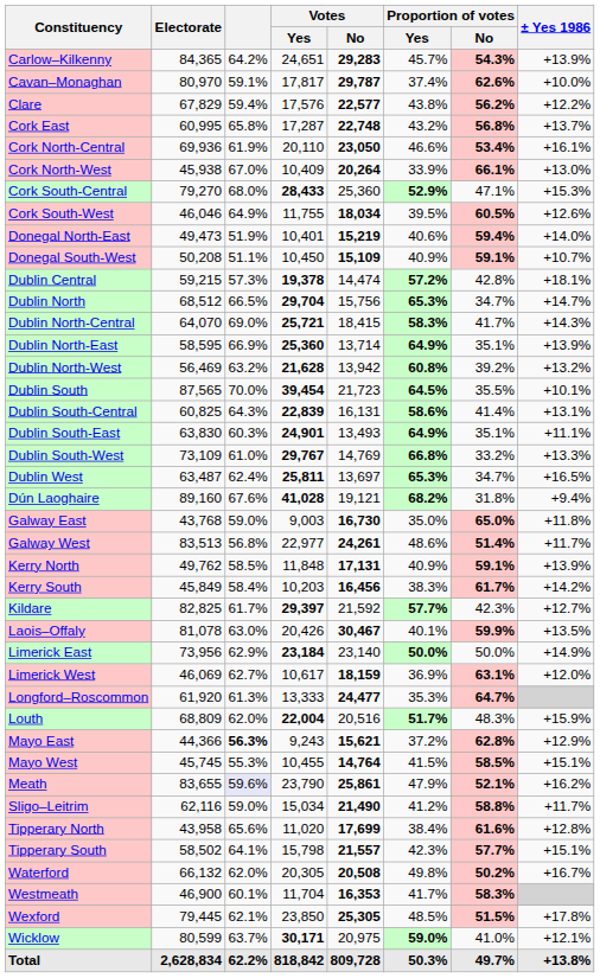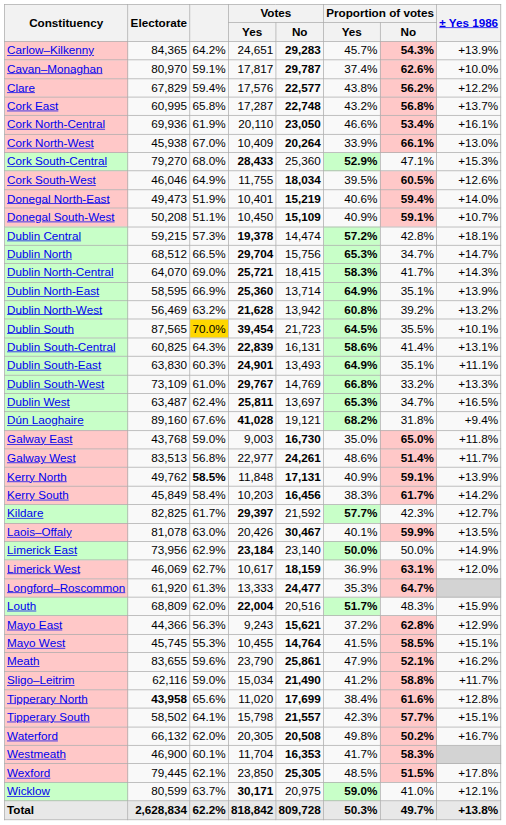 <table class="wikitable sortable">
 <tr>
 <th rowspan=2>Constituency</th>
 <th rowspan=2>Electorate</th>
 <th rowspan=2></th>
 <th colspan=2>Votes</th>
 <th colspan=2>Proportion of votes</th>
 <th rowspan=2><a href='#'>± Yes 1986</a></th>
 </tr>
 <tr>
 <th>Yes</th>
 <th>No</th>
 <th>Yes</th>
 <th>No</th>
 </tr>
 <tr>
 <td style="background:#ffc8c8;"><a href='#'>Carlow–Kilkenny</a></td>
 <td style="text-align: right;">84,365</td>
 <td style="text-align: right;">64.2%</td>
 <td style="text-align: right;">24,651</td>
 <td style="text-align: right;"><strong>29,283</strong></td>
 <td style="text-align: right;">45.7%</td>
 <td style="text-align: right; background:#ffc8c8; color:#000;"><strong>54.3%</strong></td>
 <td style="text-align: right;">+13.9%</td>
 </tr>
 <tr>
 <td style="background:#ffc8c8;"><a href='#'>Cavan–Monaghan</a></td>
 <td style="text-align: right;">80,970</td>
 <td style="text-align: right;">59.1%</td>
 <td style="text-align: right;">17,817</td>
 <td style="text-align: right;"><strong>29,787</strong></td>
 <td style="text-align: right;">37.4%</td>
 <td style="text-align: right; background:#ffc8c8; color:#000;"><strong>62.6%</strong></td>
 <td style="text-align: right;">+10.0%</td>
 </tr>
 <tr>
 <td style="background:#ffc8c8;"><a href='#'>Clare</a></td>
 <td style="text-align: right;">67,829</td>
 <td style="text-align: right;">59.4%</td>
 <td style="text-align: right;">17,576</td>
 <td style="text-align: right;"><strong>22,577</strong></td>
 <td style="text-align: right;">43.8%</td>
 <td style="text-align: right; background:#ffc8c8; color:#000;"><strong>56.2%</strong></td>
 <td style="text-align: right;">+12.2%</td>
 </tr>
 <tr>
 <td style="background:#ffc8c8;"><a href='#'>Cork East</a></td>
 <td style="text-align: right;">60,995</td>
 <td style="text-align: right;">65.8%</td>
 <td style="text-align: right;">17,287</td>
 <td style="text-align: right;"><strong>22,748</strong></td>
 <td style="text-align: right;">43.2%</td>
 <td style="text-align: right; background:#ffc8c8; color:#000;"><strong>56.8%</strong></td>
 <td style="text-align: right;">+13.7%</td>
 </tr>
 <tr>
 <td style="background:#ffc8c8;"><a href='#'>Cork North-Central</a></td>
 <td style="text-align: right;">69,936</td>
 <td style="text-align: right;">61.9%</td>
 <td style="text-align: right;">20,110</td>
 <td style="text-align: right;"><strong>23,050</strong></td>
 <td style="text-align: right;">46.6%</td>
 <td style="text-align: right; background:#ffc8c8; color:#000;"><strong>53.4%</strong></td>
 <td style="text-align: right;">+16.1%</td>
 </tr>
 <tr>
 <td style="background:#ffc8c8;"><a href='#'>Cork North-West</a></td>
 <td style="text-align: right;">45,938</td>
 <td style="text-align: right;">67.0%</td>
 <td style="text-align: right;">10,409</td>
 <td style="text-align: right;"><strong>20,264</strong></td>
 <td style="text-align: right;">33.9%</td>
 <td style="text-align: right; background:#ffc8c8; color:#000;"><strong>66.1%</strong></td>
 <td style="text-align: right;">+13.0%</td>
 </tr>
 <tr>
 <td style="background:#c8ffc8;"><a href='#'>Cork South-Central</a></td>
 <td style="text-align: right;">79,270</td>
 <td style="text-align: right;">68.0%</td>
 <td style="text-align: right;"><strong>28,433</strong></td>
 <td style="text-align: right;">25,360</td>
 <td style="text-align: right; background:#c8ffc8; color:#000;"><strong>52.9%</strong></td>
 <td style="text-align: right;">47.1%</td>
 <td style="text-align: right;">+15.3%</td>
 </tr>
 <tr>
 <td style="background:#ffc8c8;"><a href='#'>Cork South-West</a></td>
 <td style="text-align: right;">46,046</td>
 <td style="text-align: right;">64.9%</td>
 <td style="text-align: right;">11,755</td>
 <td style="text-align: right;"><strong>18,034</strong></td>
 <td style="text-align: right;">39.5%</td>
 <td style="text-align: right; background:#ffc8c8; color:#000;"><strong>60.5%</strong></td>
 <td style="text-align: right;">+12.6%</td>
 </tr>
 <tr>
 <td style="background:#ffc8c8;"><a href='#'>Donegal North-East</a></td>
 <td style="text-align: right;">49,473</td>
 <td style="text-align: right;">51.9%</td>
 <td style="text-align: right;">10,401</td>
 <td style="text-align: right;"><strong>15,219</strong></td>
 <td style="text-align: right;">40.6%</td>
 <td style="text-align: right; background:#ffc8c8; color:#000;"><strong>59.4%</strong></td>
 <td style="text-align: right;">+14.0%</td>
 </tr>
 <tr>
 <td style="background:#ffc8c8;"><a href='#'>Donegal South-West</a></td>
 <td style="text-align: right;">50,208</td>
 <td style="text-align: right;">51.1%</td>
 <td style="text-align: right;">10,450</td>
 <td style="text-align: right;"><strong>15,109</strong></td>
 <td style="text-align: right;">40.9%</td>
 <td style="text-align: right; background:#ffc8c8; color:#000;"><strong>59.1%</strong></td>
 <td style="text-align: right;">+10.7%</td>
 </tr>
 <tr>
 <td style="background:#c8ffc8;"><a href='#'>Dublin Central</a></td>
 <td style="text-align: right;">59,215</td>
 <td style="text-align: right;">57.3%</td>
 <td style="text-align: right;"><strong>19,378</strong></td>
 <td style="text-align: right;">14,474</td>
 <td style="text-align: right; background:#c8ffc8; color:#000;"><strong>57.2%</strong></td>
 <td style="text-align: right;">42.8%</td>
 <td style="text-align: right;">+18.1%</td>
 </tr>
 <tr>
 <td style="background:#c8ffc8;"><a href='#'>Dublin North</a></td>
 <td style="text-align: right;">68,512</td>
 <td style="text-align: right;">66.5%</td>
 <td style="text-align: right;"><strong>29,704</strong></td>
 <td style="text-align: right;">15,756</td>
 <td style="text-align: right; background:#c8ffc8; color:#000;"><strong>65.3%</strong></td>
 <td style="text-align: right;">34.7%</td>
 <td style="text-align: right;">+14.7%</td>
 </tr>
 <tr>
 <td style="background:#c8ffc8;"><a href='#'>Dublin North-Central</a></td>
 <td style="text-align: right;">64,070</td>
 <td style="text-align: right;">69.0%</td>
 <td style="text-align: right;"><strong>25,721</strong></td>
 <td style="text-align: right;">18,415</td>
 <td style="text-align: right; background:#c8ffc8; color:#000;"><strong>58.3%</strong></td>
 <td style="text-align: right;">41.7%</td>
 <td style="text-align: right;">+14.3%</td>
 </tr>
 <tr>
 <td style="background:#c8ffc8;"><a href='#'>Dublin North-East</a></td>
 <td style="text-align: right;">58,595</td>
 <td style="text-align: right;">66.9%</td>
 <td style="text-align: right;"><strong>25,360</strong></td>
 <td style="text-align: right;">13,714</td>
 <td style="text-align: right; background:#c8ffc8; color:#000;"><strong>64.9%</strong></td>
 <td style="text-align: right;">35.1%</td>
 <td style="text-align: right;">+13.9%</td>
 </tr>
 <tr>
 <td style="background:#c8ffc8;"><a href='#'>Dublin North-West</a></td>
 <td style="text-align: right;">56,469</td>
 <td style="text-align: right;">63.2%</td>
 <td style="text-align: right;"><strong>21,628</strong></td>
 <td style="text-align: right;">13,942</td>
 <td style="text-align: right; background:#c8ffc8; color:#000;"><strong>60.8%</strong></td>
 <td style="text-align: right;">39.2%</td>
 <td style="text-align: right;">+13.2%</td>
 </tr>
 <tr>
 <td style="background:#c8ffc8;"><a href='#'>Dublin South</a></td>
 <td style="text-align: right;">87,565</td>
-<td style="text-align: right;">70.0%</td>
+<td style="background: gold; text-align: right;">70.0%</td>
 <td style="text-align: right;"><strong>39,454</strong></td>
 <td style="text-align: right;">21,723</td>
 <td style="text-align: right; background:#c8ffc8; color:#000;"><strong>64.5%</strong></td>
 <td style="text-align: right;">35.5%</td>
 <td style="text-align: right;">+10.1%</td>
 </tr>
 <tr>
 <td style="background:#c8ffc8;"><a href='#'>Dublin South-Central</a></td>
 <td style="text-align: right;">60,825</td>
 <td style="text-align: right;">64.3%</td>
 <td style="text-align: right;"><strong>22,839</strong></td>
 <td style="text-align: right;">16,131</td>
 <td style="text-align: right; background:#c8ffc8; color:#000;"><strong>58.6%</strong></td>
 <td style="text-align: right;">41.4%</td>
 <td style="text-align: right;">+13.1%</td>
 </tr>
 <tr>
 <td style="background:#c8ffc8;"><a href='#'>Dublin South-East</a></td>
 <td style="text-align: right;">63,830</td>
 <td style="text-align: right;">60.3%</td>
 <td style="text-align: right;"><strong>24,901</strong></td>
 <td style="text-align: right;">13,493</td>
 <td style="text-align: right; background:#c8ffc8; color:#000;"><strong>64.9%</strong></td>
 <td style="text-align: right;">35.1%</td>
 <td style="text-align: right;">+11.1%</td>
 </tr>
 <tr>
 <td style="background:#c8ffc8;"><a href='#'>Dublin South-West</a></td>
 <td style="text-align: right;">73,109</td>
 <td style="text-align: right;">61.0%</td>
 <td style="text-align: right;"><strong>29,767</strong></td>
 <td style="text-align: right;">14,769</td>
 <td style="text-align: right; background:#c8ffc8; color:#000;"><strong>66.8%</strong></td>
 <td style="text-align: right;">33.2%</td>
 <td style="text-align: right;">+13.3%</td>
 </tr>
 <tr>
 <td style="background:#c8ffc8;"><a href='#'>Dublin West</a></td>
 <td style="text-align: right;">63,487</td>
 <td style="text-align: right;">62.4%</td>
 <td style="text-align: right;"><strong>25,811</strong></td>
 <td style="text-align: right;">13,697</td>
 <td style="text-align: right; background:#c8ffc8; color:#000;"><strong>65.3%</strong></td>
 <td style="text-align: right;">34.7%</td>
 <td style="text-align: right;">+16.5%</td>
 </tr>
 <tr>
 <td style="background:#c8ffc8;"><a href='#'>Dún Laoghaire</a></td>
 <td style="text-align: right;">89,160</td>
 <td style="text-align: right;">67.6%</td>
 <td style="text-align: right;"><strong>41,028</strong></td>
 <td style="text-align: right;">19,121</td>
 <td style="text-align: right; background:#c8ffc8; color:#000;"><strong>68.2%</strong></td>
 <td style="text-align: right;">31.8%</td>
 <td style="text-align: right;">+9.4%</td>
 </tr>
 <tr>
 <td style="background:#ffc8c8;"><a href='#'>Galway East</a></td>
 <td style="text-align: right;">43,768</td>
 <td style="text-align: right;">59.0%</td>
 <td style="text-align: right;">9,003</td>
 <td style="text-align: right;"><strong>16,730</strong></td>
 <td style="text-align: right;">35.0%</td>
 <td style="text-align: right; background:#ffc8c8; color:#000;"><strong>65.0%</strong></td>
 <td style="text-align: right;">+11.8%</td>
 </tr>
 <tr>
 <td style="background:#ffc8c8;"><a href='#'>Galway West</a></td>
 <td style="text-align: right;">83,513</td>
 <td style="text-align: right;">56.8%</td>
 <td style="text-align: right;">22,977</td>
 <td style="text-align: right;"><strong>24,261</strong></td>
 <td style="text-align: right;">48.6%</td>
 <td style="text-align: right; background:#ffc8c8; color:#000;"><strong>51.4%</strong></td>
 <td style="text-align: right;">+11.7%</td>
 </tr>
 <tr>
 <td style="background:#ffc8c8;"><a href='#'>Kerry North</a></td>
 <td style="text-align: right;">49,762</td>
-<td style="text-align: right;">58.5%</td>
+<td style="text-align: right;"><strong>58.5%</strong></td>
 <td style="text-align: right;">11,848</td>
 <td style="text-align: right;"><strong>17,131</strong></td>
 <td style="text-align: right;">40.9%</td>
 <td style="text-align: right; background:#ffc8c8; color:#000;"><strong>59.1%</strong></td>
 <td style="text-align: right;">+13.9%</td>
 </tr>
 <tr>
 <td style="background:#ffc8c8;"><a href='#'>Kerry South</a></td>
 <td style="text-align: right;">45,849</td>
 <td style="text-align: right;">58.4%</td>
 <td style="text-align: right;">10,203</td>
 <td style="text-align: right;"><strong>16,456</strong></td>
 <td style="text-align: right;">38.3%</td>
 <td style="text-align: right; background:#ffc8c8; color:#000;"><strong>61.7%</strong></td>
 <td style="text-align: right;">+14.2%</td>
 </tr>
 <tr>
 <td style="background:#c8ffc8;"><a href='#'>Kildare</a></td>
 <td style="text-align: right;">82,825</td>
 <td style="text-align: right;">61.7%</td>
 <td style="text-align: right;"><strong>29,397</strong></td>
 <td style="text-align: right;">21,592</td>
 <td style="text-align: right; background:#c8ffc8; color:#000;"><strong>57.7%</strong></td>
 <td style="text-align: right;">42.3%</td>
 <td style="text-align: right;">+12.7%</td>
 </tr>
 <tr>
 <td style="background:#ffc8c8;"><a href='#'>Laois–Offaly</a></td>
 <td style="text-align: right;">81,078</td>
 <td style="text-align: right;">63.0%</td>
 <td style="text-align: right;">20,426</td>
 <td style="text-align: right;"><strong>30,467</strong></td>
 <td style="text-align: right;">40.1%</td>
 <td style="text-align: right; background:#ffc8c8; color:#000;"><strong>59.9%</strong></td>
 <td style="text-align: right;">+13.5%</td>
 </tr>
 <tr>
 <td style="background:#c8ffc8;"><a href='#'>Limerick East</a></td>
 <td style="text-align: right;">73,956</td>
 <td style="text-align: right;">62.9%</td>
 <td style="text-align: right;"><strong>23,184</strong></td>
 <td style="text-align: right;">23,140</td>
 <td style="text-align: right; background:#c8ffc8; color:#000;"><strong>50.0%</strong></td>
 <td style="text-align: right;">50.0%</td>
 <td style="text-align: right;">+14.9%</td>
 </tr>
 <tr>
 <td style="background:#ffc8c8;"><a href='#'>Limerick West</a></td>
 <td style="text-align: right;">46,069</td>
 <td style="text-align: right;">62.7%</td>
 <td style="text-align: right;">10,617</td>
 <td style="text-align: right;"><strong>18,159</strong></td>
 <td style="text-align: right;">36.9%</td>
 <td style="text-align: right; background:#ffc8c8; color:#000;"><strong>63.1%</strong></td>
 <td style="text-align: right;">+12.0%</td>
 </tr>
 <tr>
 <td style="background:#ffc8c8;"><a href='#'>Longford–Roscommon</a></td>
 <td style="text-align: right;">61,920</td>
 <td style="text-align: right;">61.3%</td>
 <td style="text-align: right;">13,333</td>
 <td style="text-align: right;"><strong>24,477</strong></td>
 <td style="text-align: right;">35.3%</td>
 <td style="text-align: right; background:#ffc8c8; color:#000;"><strong>64.7%</strong></td>
 <td style="background:#d3d3d3;"></td>
 </tr>
 <tr>
 <td style="background:#c8ffc8;"><a href='#'>Louth</a></td>
 <td style="text-align: right;">68,809</td>
 <td style="text-align: right;">62.0%</td>
 <td style="text-align: right;"><strong>22,004</strong></td>
 <td style="text-align: right;">20,516</td>
 <td style="text-align: right; background:#c8ffc8; color:#000;"><strong>51.7%</strong></td>
 <td style="text-align: right;">48.3%</td>
 <td style="text-align: right;">+15.9%</td>
 </tr>
 <tr>
 <td style="background:#ffc8c8;"><a href='#'>Mayo East</a></td>
 <td style="text-align: right;">44,366</td>
-<td style="text-align: right;"><strong>56.3%</strong></td>
+<td style="text-align: right;">56.3%</td>
 <td style="text-align: right;">9,243</td>
 <td style="text-align: right;"><strong>15,621</strong></td>
 <td style="text-align: right;">37.2%</td>
 <td style="text-align: right; background:#ffc8c8; color:#000;"><strong>62.8%</strong></td>
 <td style="text-align: right;">+12.9%</td>
 </tr>
 <tr>
 <td style="background:#ffc8c8;"><a href='#'>Mayo West</a></td>
 <td style="text-align: right;">45,745</td>
 <td style="text-align: right;">55.3%</td>
 <td style="text-align: right;">10,455</td>
 <td style="text-align: right;"><strong>14,764</strong></td>
 <td style="text-align: right;">41.5%</td>
 <td style="text-align: right; background:#ffc8c8; color:#000;"><strong>58.5%</strong></td>
 <td style="text-align: right;">+15.1%</td>
 </tr>
 <tr>
 <td style="background:#ffc8c8;"><a href='#'>Meath</a></td>
 <td style="text-align: right;">83,655</td>
-<td style="background: lavender; text-align: right;">59.6%</td>
+<td style="text-align: right;">59.6%</td>
 <td style="text-align: right;">23,790</td>
 <td style="text-align: right;"><strong>25,861</strong></td>
 <td style="text-align: right;">47.9%</td>
 <td style="text-align: right; background:#ffc8c8; color:#000;"><strong>52.1%</strong></td>
 <td style="text-align: right;">+16.2%</td>
 </tr>
 <tr>
 <td style="background:#ffc8c8;"><a href='#'>Sligo–Leitrim</a></td>
 <td style="text-align: right;">62,116</td>
 <td style="text-align: right;">59.0%</td>
 <td style="text-align: right;">15,034</td>
 <td style="text-align: right;"><strong>21,490</strong></td>
 <td style="text-align: right;">41.2%</td>
 <td style="text-align: right; background:#ffc8c8; color:#000;"><strong>58.8%</strong></td>
 <td style="text-align: right;">+11.7%</td>
 </tr>
 <tr>
 <td style="background:#ffc8c8;"><a href='#'>Tipperary North</a></td>
-<td style="text-align: right;">43,958</td>
+<td style="text-align: right;"><strong>43,958</strong></td>
 <td style="text-align: right;">65.6%</td>
 <td style="text-align: right;">11,020</td>
 <td style="text-align: right;"><strong>17,699</strong></td>
 <td style="text-align: right;">38.4%</td>
 <td style="text-align: right; background:#ffc8c8; color:#000;"><strong>61.6%</strong></td>
 <td style="text-align: right;">+12.8%</td>
 </tr>
 <tr>
 <td style="background:#ffc8c8;"><a href='#'>Tipperary South</a></td>
 <td style="text-align: right;">58,502</td>
 <td style="text-align: right;">64.1%</td>
 <td style="text-align: right;">15,798</td>
 <td style="text-align: right;"><strong>21,557</strong></td>
 <td style="text-align: right;">42.3%</td>
 <td style="text-align: right; background:#ffc8c8; color:#000;"><strong>57.7%</strong></td>
 <td style="text-align: right;">+15.1%</td>
 </tr>
 <tr>
 <td style="background:#ffc8c8;"><a href='#'>Waterford</a></td>
 <td style="text-align: right;">66,132</td>
 <td style="text-align: right;">62.0%</td>
 <td style="text-align: right;">20,305</td>
 <td style="text-align: right;"><strong>20,508</strong></td>
 <td style="text-align: right;">49.8%</td>
 <td style="text-align: right; background:#ffc8c8; color:#000;"><strong>50.2%</strong></td>
 <td style="text-align: right;">+16.7%</td>
 </tr>
 <tr>
 <td style="background:#ffc8c8;"><a href='#'>Westmeath</a></td>
 <td style="text-align: right;">46,900</td>
 <td style="text-align: right;">60.1%</td>
 <td style="text-align: right;">11,704</td>
 <td style="text-align: right;"><strong>16,353</strong></td>
 <td style="text-align: right;">41.7%</td>
 <td style="text-align: right; background:#ffc8c8; color:#000;"><strong>58.3%</strong></td>
 <td style="background:#d3d3d3;"></td>
 </tr>
 <tr>
 <td style="background:#ffc8c8;"><a href='#'>Wexford</a></td>
 <td style="text-align: right;">79,445</td>
 <td style="text-align: right;">62.1%</td>
 <td style="text-align: right;">23,850</td>
 <td style="text-align: right;"><strong>25,305</strong></td>
 <td style="text-align: right;">48.5%</td>
 <td style="text-align: right; background:#ffc8c8; color:#000;"><strong>51.5%</strong></td>
 <td style="text-align: right;">+17.8%</td>
 </tr>
 <tr>
 <td style="background:#c8ffc8;"><a href='#'>Wicklow</a></td>
 <td style="text-align: right;">80,599</td>
 <td style="text-align: right;">63.7%</td>
 <td style="text-align: right;"><strong>30,171</strong></td>
 <td style="text-align: right;">20,975</td>
 <td style="text-align: right; background:#c8ffc8; color:#000;"><strong>59.0%</strong></td>
 <td style="text-align: right;">41.0%</td>
 <td style="text-align: right;">+12.1%</td>
 </tr>
 <tr class="sortbottom" style="font-weight:bold; background:rgb(232,232,232);">
 <td>Total</td>
 <td style="text-align: right;">2,628,834</td>
 <td style="text-align: right;">62.2%</td>
 <td style="text-align: right;">818,842</td>
 <td style="text-align: right;">809,728</td>
 <td style="text-align: right;">50.3%</td>
 <td style="text-align: right;">49.7%</td>
 <td style="text-align: right;">+13.8%</td>
 </tr>
 </table>
